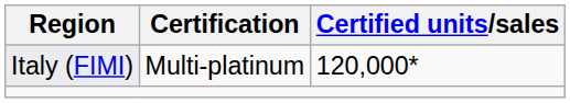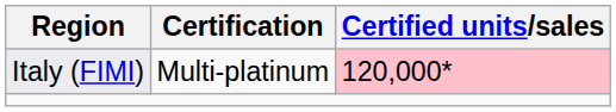 <table class="wikitable sortable">
 <tr>
 <th scope="col">Region</th>
 <th scope="col">Certification</th>
 <th scope="col"><a href='#'>Certified units</a>/sales</th>
 </tr>
 <tr>
 <td bgcolor="#eaecf0">Italy (<a href='#'>FIMI</a>)</td>
 <td>Multi-platinum</td>
-<td>120,000*</td>
+<td style="background: pink;">120,000*</td>
 </tr>
 <tr>
 <td colspan="3" align="center"></td>
 </tr>
 </table>
